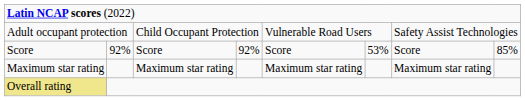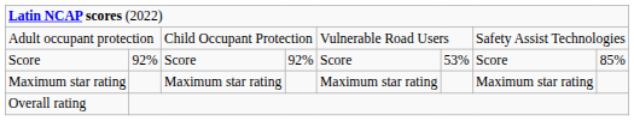 <table class="wikitable">
 <tr>
 <td colspan="8"><strong><a href='#'>Latin NCAP</a> scores</strong> (2022)</td>
 </tr>
 <tr>
 <td colspan="2">Adult occupant protection</td>
 <td colspan="2">Child Occupant Protection</td>
 <td colspan="2">Vulnerable Road Users</td>
 <td colspan="2">Safety Assist Technologies</td>
 </tr>
 <tr>
 <td>Score</td>
 <td>92%</td>
 <td>Score</td>
 <td>92%</td>
 <td>Score</td>
 <td>53%</td>
 <td>Score</td>
 <td>85%</td>
 </tr>
 <tr>
 <td>Maximum star rating</td>
 <td></td>
 <td>Maximum star rating</td>
 <td></td>
 <td>Maximum star rating</td>
 <td></td>
 <td>Maximum star rating</td>
 <td></td>
 </tr>
 <tr>
-<td style="background: khaki;">Overall rating</td>
+<td>Overall rating</td>
 <td colspan="7"></td>
 </tr>
 </table>
